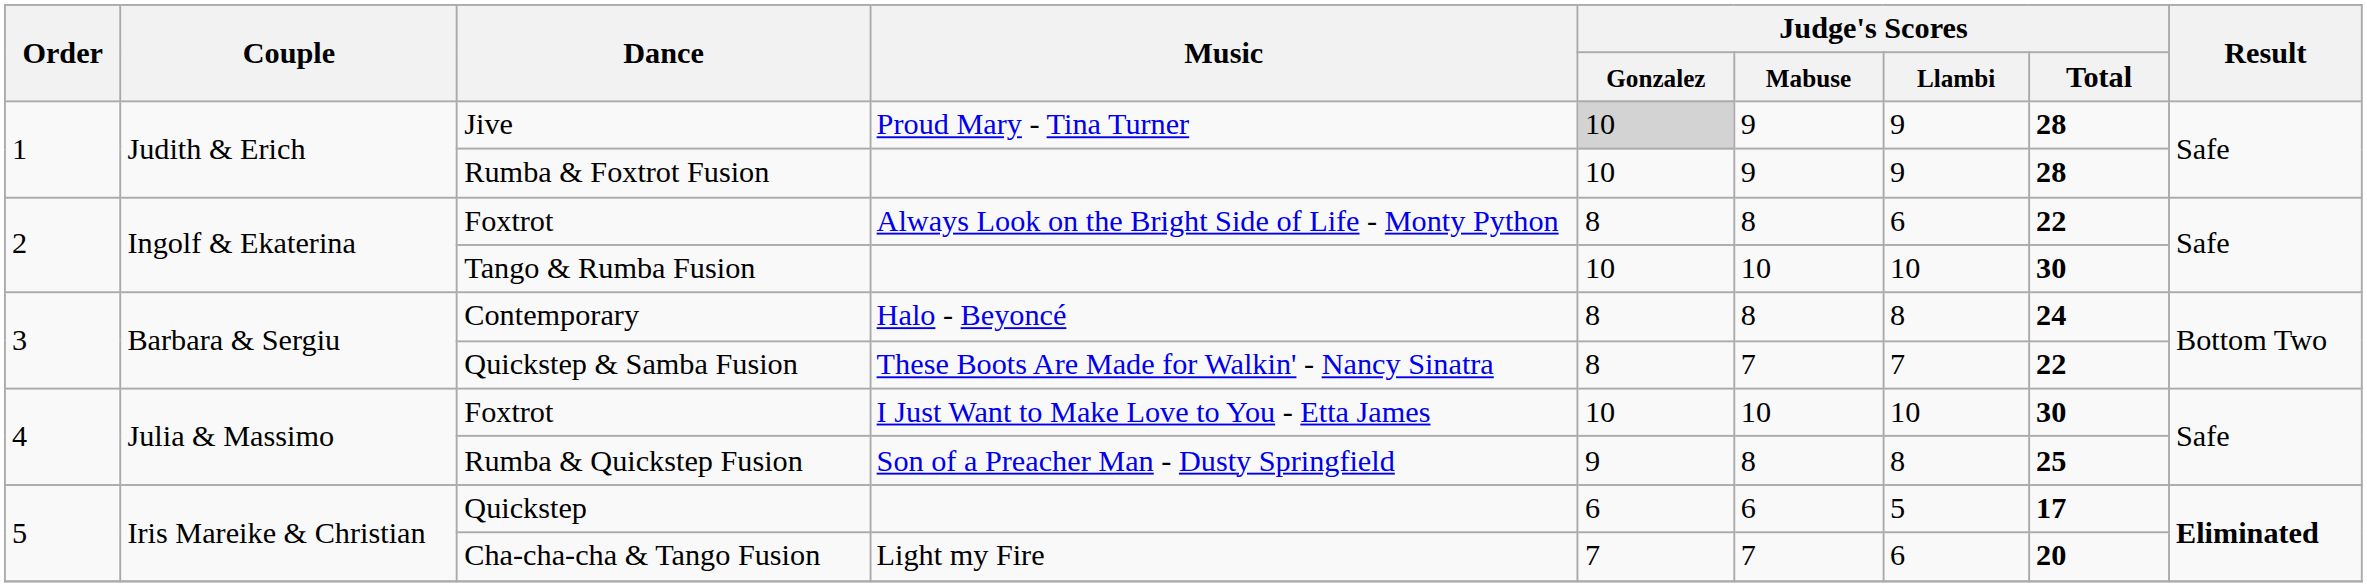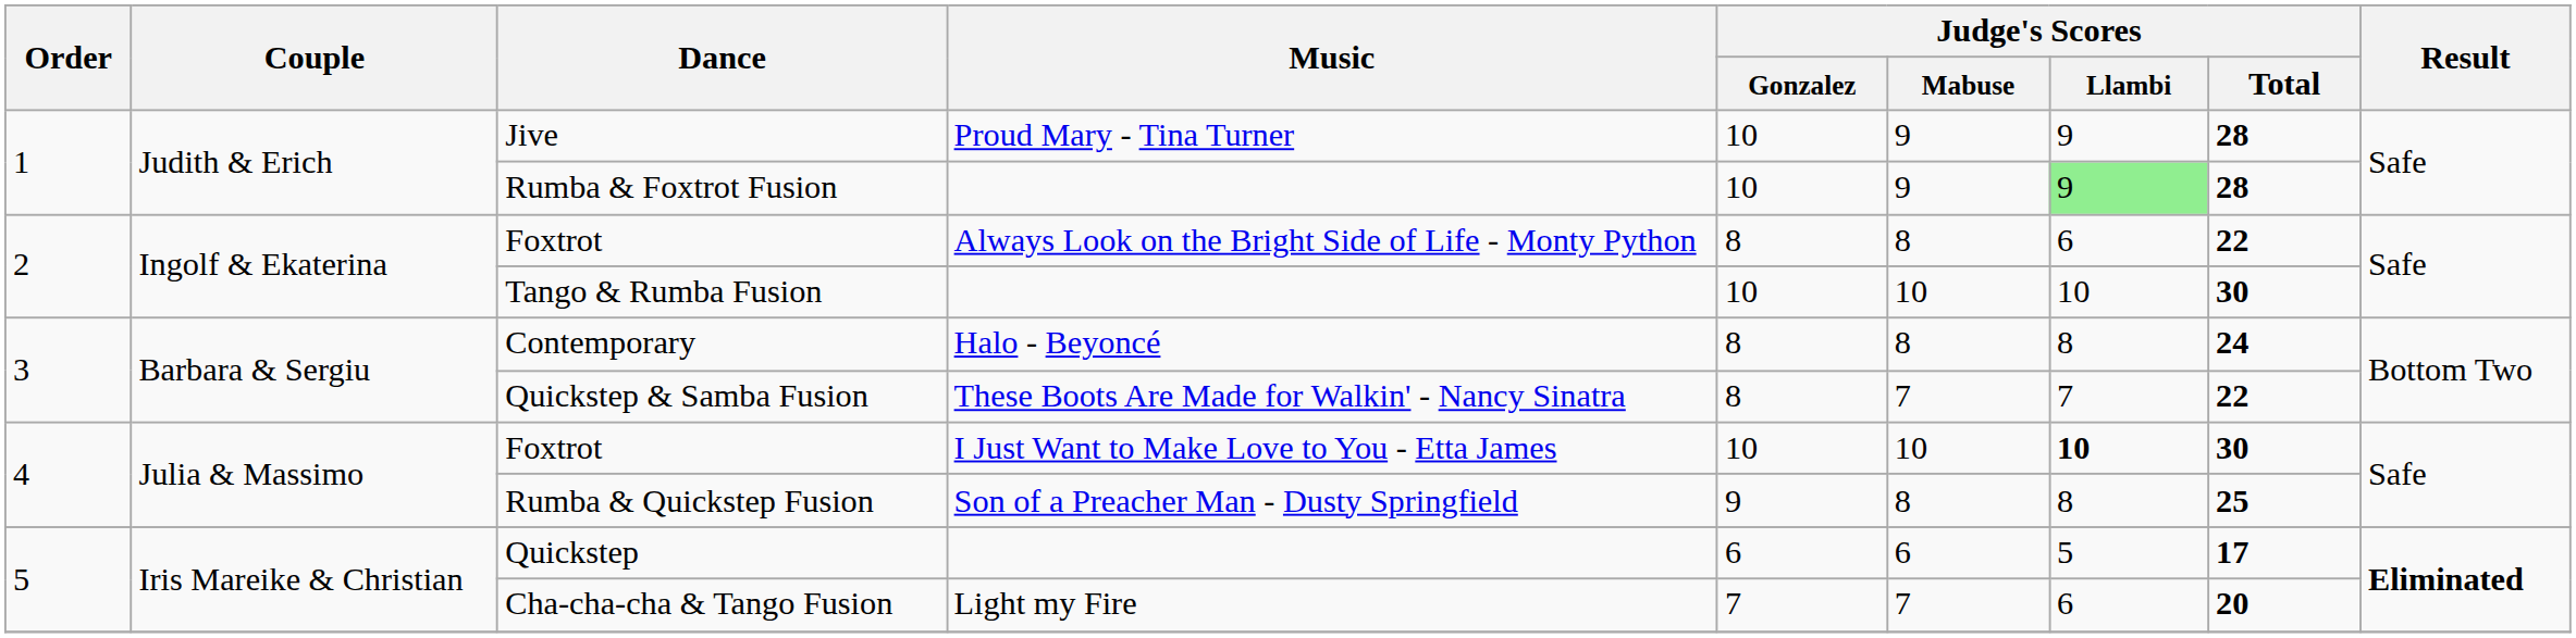 <table class="wikitable sortable center">
 <tr>
 <th rowspan="2" style="width: 4em">Order</th>
 <th rowspan="2" style="width: 17em">Couple</th>
 <th rowspan="2" style="width: 20em">Dance</th>
 <th rowspan="2" style="width: 40em">Music</th>
 <th colspan="4">Judge's Scores</th>
 <th rowspan="2" style="width: 7em">Result</th>
 </tr>
 <tr>
 <th style="width: 6em"><small> Gonzalez</small></th>
 <th style="width: 6em"><small> Mabuse</small></th>
 <th style="width: 6em"><small> Llambi</small></th>
 <th style="width: 6em">Total</th>
 </tr>
 <tr>
 <td rowspan=2>1</td>
 <td rowspan=2>Judith & Erich</td>
 <td>Jive</td>
 <td><a href='#'>Proud Mary</a> - <a href='#'>Tina Turner</a></td>
-<td style="background: lightgrey;">10</td>
+<td>10</td>
 <td>9</td>
 <td>9</td>
 <td><strong>28</strong></td>
 <td rowspan=2>Safe</td>
 </tr>
 <tr>
 <td>Rumba & Foxtrot Fusion</td>
 <td></td>
 <td>10</td>
 <td>9</td>
-<td>9</td>
+<td style="background: lightgreen;">9</td>
 <td><strong>28</strong></td>
 </tr>
 <tr>
 <td rowspan=2>2</td>
 <td rowspan=2>Ingolf & Ekaterina</td>
 <td>Foxtrot</td>
 <td><a href='#'>Always Look on the Bright Side of Life</a> - <a href='#'>Monty Python</a></td>
 <td>8</td>
 <td>8</td>
 <td>6</td>
 <td><strong>22</strong></td>
 <td rowspan=2>Safe</td>
 </tr>
 <tr>
 <td>Tango & Rumba Fusion</td>
 <td></td>
 <td>10</td>
 <td>10</td>
 <td>10</td>
 <td><strong>30</strong></td>
 </tr>
 <tr>
 <td rowspan=2>3</td>
 <td rowspan=2>Barbara & Sergiu</td>
 <td>Contemporary</td>
 <td><a href='#'>Halo</a> - <a href='#'>Beyoncé</a></td>
 <td>8</td>
 <td>8</td>
 <td>8</td>
 <td><strong>24</strong></td>
 <td rowspan=2>Bottom Two</td>
 </tr>
 <tr>
 <td>Quickstep & Samba Fusion</td>
 <td><a href='#'>These Boots Are Made for Walkin'</a> - <a href='#'>Nancy Sinatra</a></td>
 <td>8</td>
 <td>7</td>
 <td>7</td>
 <td><strong>22</strong></td>
 </tr>
 <tr>
 <td rowspan=2>4</td>
 <td rowspan=2>Julia & Massimo</td>
 <td>Foxtrot</td>
 <td><a href='#'>I Just Want to Make Love to You</a> - <a href='#'>Etta James</a></td>
 <td>10</td>
 <td>10</td>
-<td>10</td>
+<td><strong>10</strong></td>
 <td><strong>30</strong></td>
 <td rowspan=2>Safe</td>
 </tr>
 <tr>
 <td>Rumba & Quickstep Fusion</td>
 <td><a href='#'>Son of a Preacher Man</a> - <a href='#'>Dusty Springfield</a></td>
 <td>9</td>
 <td>8</td>
 <td>8</td>
 <td><strong>25</strong></td>
 </tr>
 <tr>
 <td rowspan=2>5</td>
 <td rowspan=2>Iris Mareike & Christian</td>
 <td>Quickstep</td>
 <td></td>
 <td>6</td>
 <td>6</td>
 <td>5</td>
 <td><strong>17</strong></td>
 <td rowspan=2><strong>Eliminated</strong></td>
 </tr>
 <tr>
 <td>Cha-cha-cha & Tango Fusion</td>
 <td>Light my Fire</td>
 <td>7</td>
 <td>7</td>
 <td>6</td>
 <td><strong>20</strong></td>
 </tr>
 <tr>
 </tr>
 </table>
